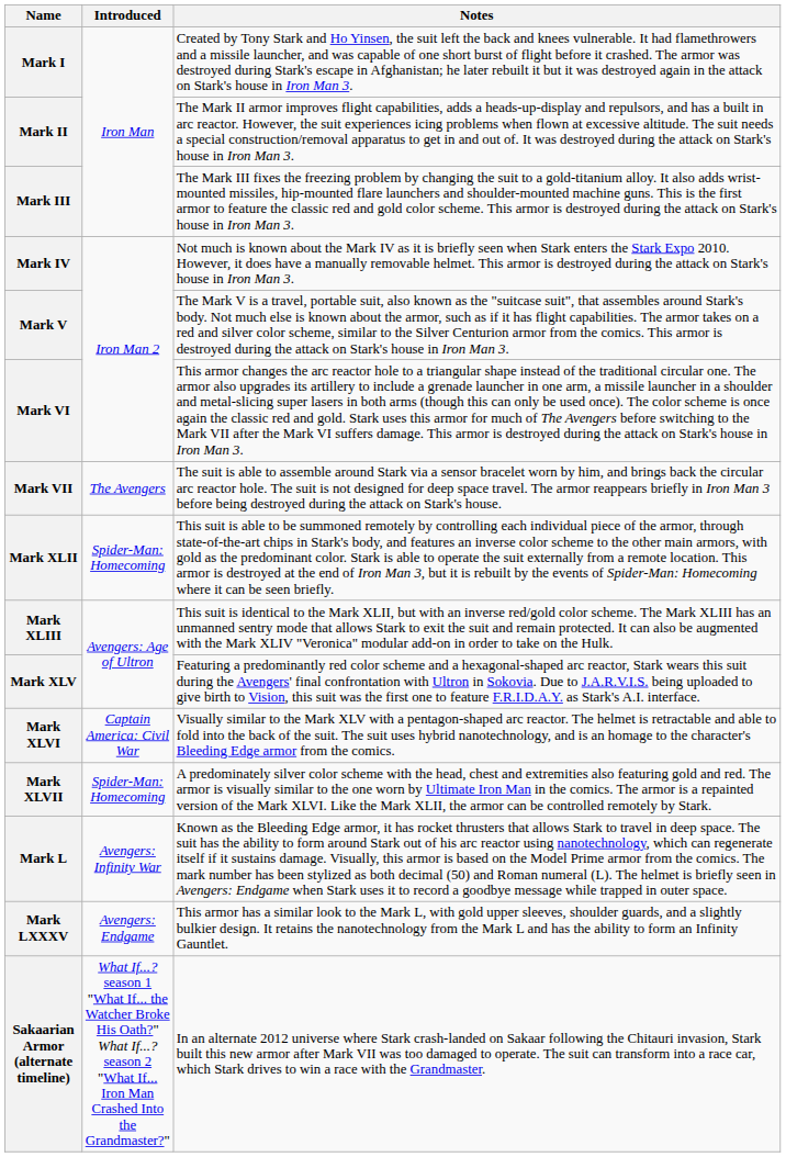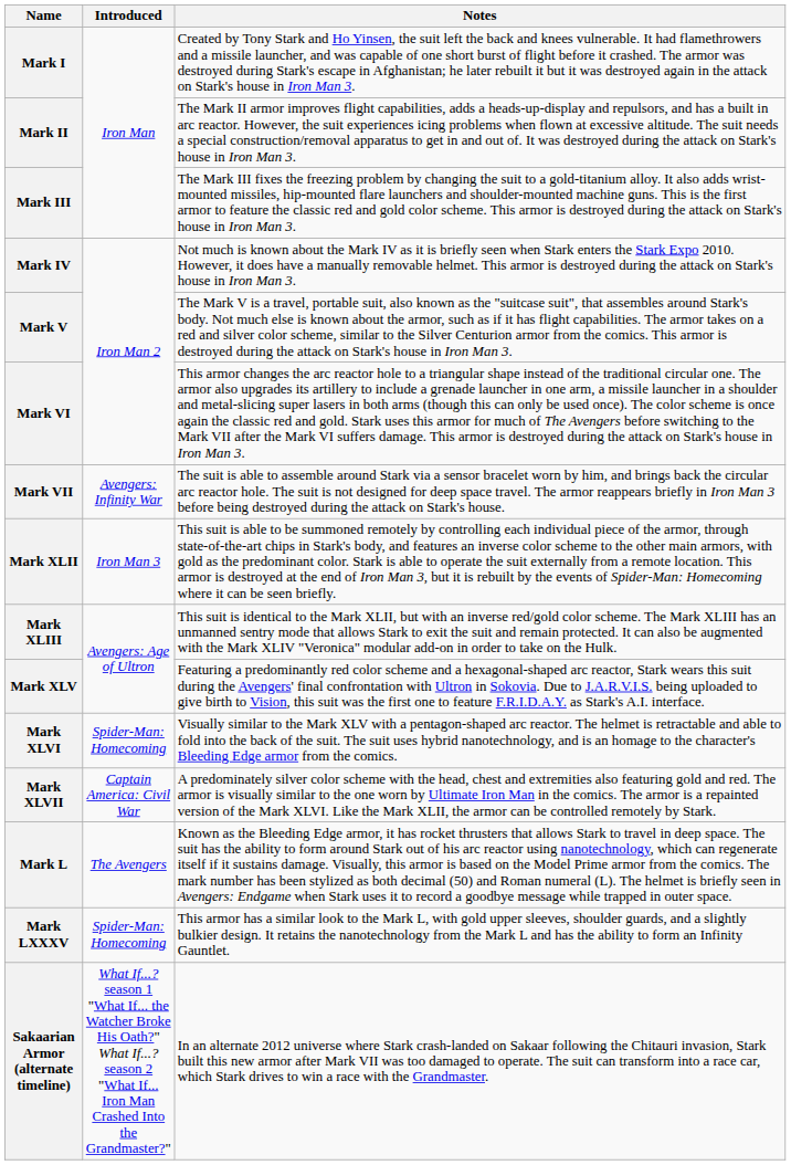 <table class="wikitable plainrowheaders" style="width: 100%;">
 <tr>
 <th scope="col" style="width: 10%;">Name</th>
 <th scope="col" style="width: 10%;">Introduced</th>
 <th scope="col" style="width: 80%;">Notes</th>
 </tr>
 <tr>
 <th scope="row" id="Mark I">Mark I</th>
 <td rowspan="3" style="text-align: center;"><em><a href='#'>Iron Man</a></em></td>
 <td align="left">Created by Tony Stark and <a href='#'>Ho Yinsen</a>, the suit left the back and knees vulnerable. It had flamethrowers and a missile launcher, and was capable of one short burst of flight before it crashed. The armor was destroyed during Stark's escape in Afghanistan; he later rebuilt it but it was destroyed again in the attack on Stark's house in <em><a href='#'>Iron Man 3</a></em>.</td>
 </tr>
 <tr>
 <th scope="row" id="Mark II">Mark II</th>
 <td>The Mark II armor improves flight capabilities, adds a heads-up-display and repulsors, and has a built in arc reactor. However, the suit experiences icing problems when flown at excessive altitude. The suit needs a special construction/removal apparatus to get in and out of. It was destroyed during the attack on Stark's house in <em>Iron Man 3</em>.</td>
 </tr>
 <tr>
 <th scope="row" id="Mark III">Mark III</th>
 <td>The Mark III fixes the freezing problem by changing the suit to a gold-titanium alloy. It also adds wrist-mounted missiles, hip-mounted flare launchers and shoulder-mounted machine guns. This is the first armor to feature the classic red and gold color scheme. This armor is destroyed during the attack on Stark's house in <em>Iron Man 3</em>.</td>
 </tr>
 <tr>
 <th scope="row" id="Mark IV">Mark IV</th>
 <td rowspan="3" style="text-align: center;"><em><a href='#'>Iron Man 2</a></em></td>
 <td>Not much is known about the Mark IV as it is briefly seen when Stark enters the <a href='#'>Stark Expo</a> 2010. However, it does have a manually removable helmet. This armor is destroyed during the attack on Stark's house in <em>Iron Man 3</em>.</td>
 </tr>
 <tr>
 <th scope="row" id="Mark V">Mark V</th>
 <td>The Mark V is a travel, portable suit, also known as the "suitcase suit", that assembles around Stark's body. Not much else is known about the armor, such as if it has flight capabilities. The armor takes on a red and silver color scheme, similar to the Silver Centurion armor from the comics. This armor is destroyed during the attack on Stark's house in <em>Iron Man 3</em>.</td>
 </tr>
 <tr>
 <th scope="row" id="Mark VI">Mark VI</th>
 <td>This armor changes the arc reactor hole to a triangular shape instead of the traditional circular one. The armor also upgrades its artillery to include a grenade launcher in one arm, a missile launcher in a shoulder and metal-slicing super lasers in both arms (though this can only be used once). The color scheme is once again the classic red and gold. Stark uses this armor for much of <em>The Avengers</em> before switching to the Mark VII after the Mark VI suffers damage. This armor is destroyed during the attack on Stark's house in <em>Iron Man 3</em>.</td>
 </tr>
 <tr>
 <th scope="row" id="Mark VII">Mark VII</th>
-<td style="text-align: center;"><em><a href='#'>The Avengers</a></em></td>
+<td style="text-align: center;"><em><a href='#'>Avengers: Infinity War</a></em></td>
 <td align="left">The suit is able to assemble around Stark  via a sensor bracelet worn by him, and brings back the circular arc reactor hole. The suit is not designed for deep space travel. The armor reappears briefly in <em>Iron Man 3</em> before being destroyed during the attack on Stark's house.</td>
 </tr>
 <tr>
 <th scope="row" id="Mark XLII">Mark XLII</th>
-<td style="text-align: center;"><em><a href='#'>Spider-Man: Homecoming</a></em></td>
+<td style="text-align: center;"><em><a href='#'>Iron Man 3</a></em></td>
 <td align="left">This suit is able to be summoned remotely by controlling each individual piece of the armor, through state-of-the-art chips in Stark's body, and features an inverse color scheme to the other main armors, with gold as the predominant color. Stark is able to operate the suit externally from a remote location. This armor is destroyed at the end of <em>Iron Man 3</em>, but it is rebuilt by the events of <em>Spider-Man: Homecoming</em> where it can be seen briefly.</td>
 </tr>
 <tr>
 <th scope="row" id="Mark XLIII">Mark XLIII</th>
 <td rowspan="2" style="text-align: center;"><em><a href='#'>Avengers: Age of Ultron</a></em></td>
 <td>This suit is identical to the Mark XLII, but with an inverse red/gold color scheme. The Mark XLIII has an unmanned sentry mode that allows Stark to exit the suit and remain protected. It can also be augmented with the Mark XLIV "Veronica" modular add-on in order to take on the Hulk.</td>
 </tr>
 <tr>
 <th scope="row" id="Mark XLV">Mark XLV</th>
 <td>Featuring a predominantly red color scheme and a hexagonal-shaped arc reactor, Stark wears this suit during the <a href='#'>Avengers</a>' final confrontation with <a href='#'>Ultron</a> in <a href='#'>Sokovia</a>. Due to <a href='#'>J.A.R.V.I.S.</a> being uploaded to give birth to <a href='#'>Vision</a>, this suit was the first one to feature <a href='#'>F.R.I.D.A.Y.</a> as Stark's A.I. interface.</td>
 </tr>
 <tr>
 <th scope="row" id="Mark XLVI">Mark XLVI</th>
-<td style="text-align: center;"><em><a href='#'>Captain America: Civil War</a></em></td>
+<td style="text-align: center;"><em><a href='#'>Spider-Man: Homecoming</a></em></td>
 <td align="left">Visually similar to the Mark XLV with a pentagon-shaped arc reactor. The helmet is retractable and able to fold into the back of the suit. The suit uses hybrid nanotechnology, and is an homage to the character's <a href='#'>Bleeding Edge armor</a> from the comics.</td>
 </tr>
 <tr>
 <th scope="row" id="Mark XLVII">Mark XLVII</th>
-<td style="text-align: center;"><em><a href='#'>Spider-Man: Homecoming</a></em></td>
+<td style="text-align: center;"><em><a href='#'>Captain America: Civil War</a></em></td>
 <td>A predominately silver color scheme with the head, chest and extremities also featuring gold and red. The armor is visually similar to the one worn by <a href='#'>Ultimate Iron Man</a> in the comics. The armor is a repainted version of the Mark XLVI. Like the Mark XLII, the armor can be controlled remotely by Stark.</td>
 </tr>
 <tr>
 <th scope="row" id="Mark L">Mark L</th>
-<td style="text-align: center;"><em><a href='#'>Avengers: Infinity War</a></em></td>
+<td style="text-align: center;"><em><a href='#'>The Avengers</a></em></td>
 <td>Known as the Bleeding Edge armor, it has rocket thrusters that allows Stark to travel in deep space. The suit has the ability to form around Stark out of his arc reactor using <a href='#'>nanotechnology</a>, which can regenerate itself if it sustains damage. Visually, this armor is based on the Model Prime armor from the comics. The mark number has been stylized as both decimal (50) and Roman numeral (L). The helmet is briefly seen in <em>Avengers: Endgame</em> when Stark uses it to record a goodbye message while trapped in outer space.</td>
 </tr>
 <tr>
 <th scope="row" id="Mark LXXXV">Mark LXXXV</th>
-<td style="text-align: center;"><em><a href='#'>Avengers: Endgame</a></em></td>
+<td style="text-align: center;"><em><a href='#'>Spider-Man: Homecoming</a></em></td>
 <td>This armor has a similar look to the Mark L, with gold upper sleeves, shoulder guards, and a slightly bulkier design. It retains the nanotechnology from the Mark L and has the ability to form an Infinity Gauntlet.</td>
 </tr>
 <tr>
 <th scope="row" id="Sakaarian Armor">Sakaarian Armor (alternate timeline)</th>
 <td style="text-align: center;"><a href='#'><em>What If...?</em></a> <a href='#'>season 1</a> "<a href='#'>What If... the Watcher Broke His Oath?</a>"<br><em>What If...?</em> <a href='#'>season 2</a> "<a href='#'>What If... Iron Man Crashed Into the Grandmaster?</a>"</td>
 <td>In an alternate 2012 universe where Stark crash-landed on Sakaar following the Chitauri invasion, Stark built this new armor after Mark VII was too damaged to operate. The suit can transform into a race car, which Stark drives to win a race with the <a href='#'>Grandmaster</a>.</td>
 </tr>
 </table>
